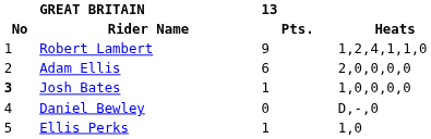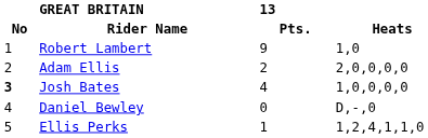 <table class="toccolours">
 <tr>
 <td></td>
 <td><strong>GREAT BRITAIN</strong></td>
 <td><strong>13</strong></td>
 </tr>
 <tr style="background-color:">
 <th width=30px>No</th>
 <th width=210px>Rider Name</th>
 <th width=70px>Pts.</th>
 <th width=110px>Heats</th>
 </tr>
 <tr style="background-color:">
 <td>1</td>
 <td><a href='#'>Robert Lambert</a></td>
 <td>9</td>
-<td>1,2,4,1,1,0</td>
+<td>1,0</td>
 </tr>
 <tr style="background-color:">
 <td>2</td>
 <td><a href='#'>Adam Ellis</a></td>
-<td>6</td>
+<td>2</td>
 <td>2,0,0,0,0</td>
 </tr>
 <tr style="background-color:">
 <td><strong>3</strong></td>
 <td><a href='#'>Josh Bates</a></td>
-<td>1</td>
+<td>4</td>
 <td>1,0,0,0,0</td>
 </tr>
 <tr style="background-color:">
 <td>4</td>
 <td><a href='#'>Daniel Bewley</a></td>
 <td>0</td>
 <td>D,-,0</td>
 </tr>
 <tr style="background-color:">
 <td>5</td>
 <td><a href='#'>Ellis Perks</a></td>
 <td>1</td>
-<td>1,0</td>
+<td>1,2,4,1,1,0</td>
 </tr>
 </table>
